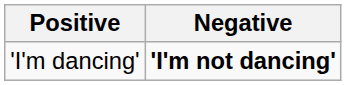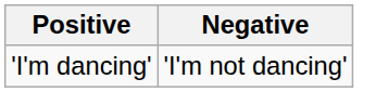 <table class="wikitable">
 <tr>
 <th>Positive</th>
 <th>Negative</th>
 </tr>
 <tr>
 <td> 'I'm dancing'</td>
-<td><strong> 'I'm not dancing'</strong></td>
+<td> 'I'm not dancing'</td>
 </tr>
 </table>
